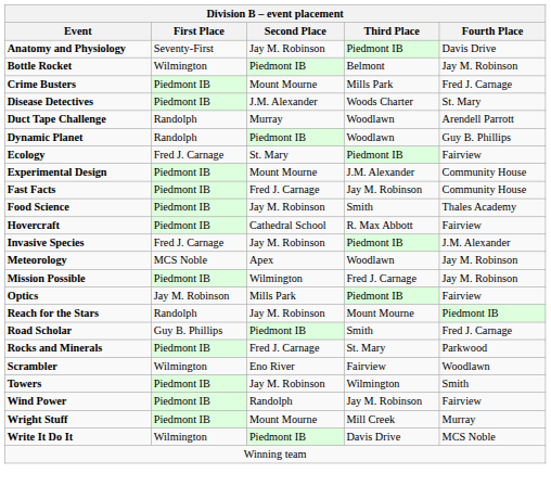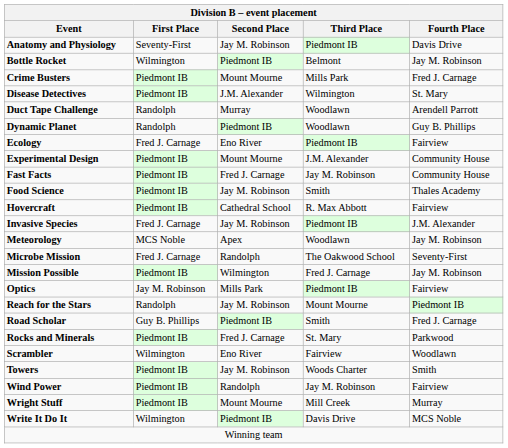 <table class="wikitable collapsible collapsed" style="float:left; width:780px">
 <tr>
 <th colspan=5>Division B – event placement</th>
 </tr>
 <tr>
 <th>Event</th>
 <th>First Place</th>
 <th>Second Place</th>
 <th>Third Place</th>
 <th>Fourth Place</th>
 </tr>
 <tr>
 <td><strong>Anatomy and Physiology</strong></td>
 <td>Seventy-First</td>
 <td>Jay M. Robinson</td>
 <td style="background:#ddffdd">Piedmont IB</td>
 <td>Davis Drive</td>
 </tr>
 <tr>
 <td><strong>Bottle Rocket</strong></td>
 <td>Wilmington</td>
 <td style="background:#ddffdd">Piedmont IB</td>
 <td>Belmont</td>
 <td>Jay M. Robinson</td>
 </tr>
 <tr>
 <td><strong>Crime Busters</strong></td>
 <td style="background:#ddffdd">Piedmont IB</td>
 <td>Mount Mourne</td>
 <td>Mills Park</td>
 <td>Fred J. Carnage</td>
 </tr>
 <tr>
 <td><strong>Disease Detectives</strong></td>
 <td style="background:#ddffdd">Piedmont IB</td>
 <td>J.M. Alexander</td>
-<td>Woods Charter</td>
+<td>Wilmington</td>
 <td>St. Mary</td>
 </tr>
 <tr>
 <td><strong>Duct Tape Challenge</strong></td>
 <td>Randolph</td>
 <td>Murray</td>
 <td>Woodlawn</td>
 <td>Arendell Parrott</td>
 </tr>
 <tr>
 <td><strong>Dynamic Planet</strong></td>
 <td>Randolph</td>
 <td style="background:#ddffdd">Piedmont IB</td>
 <td>Woodlawn</td>
 <td>Guy B. Phillips</td>
 </tr>
 <tr>
 <td><strong>Ecology</strong></td>
 <td>Fred J. Carnage</td>
-<td>St. Mary</td>
+<td>Eno River</td>
 <td style="background:#ddffdd">Piedmont IB</td>
 <td>Fairview</td>
 </tr>
 <tr>
 <td><strong>Experimental Design</strong></td>
 <td style="background:#ddffdd">Piedmont IB</td>
 <td>Mount Mourne</td>
 <td>J.M. Alexander</td>
 <td>Community House</td>
 </tr>
 <tr>
 <td><strong>Fast Facts</strong></td>
 <td style="background:#ddffdd">Piedmont IB</td>
 <td>Fred J. Carnage</td>
 <td>Jay M. Robinson</td>
 <td>Community House</td>
 </tr>
 <tr>
 <td><strong>Food Science</strong></td>
 <td style="background:#ddffdd">Piedmont IB</td>
 <td>Jay M. Robinson</td>
 <td>Smith</td>
 <td>Thales Academy</td>
 </tr>
 <tr>
 <td><strong>Hovercraft</strong></td>
 <td style="background:#ddffdd">Piedmont IB</td>
 <td>Cathedral School</td>
 <td>R. Max Abbott</td>
 <td>Fairview</td>
 </tr>
 <tr>
 <td><strong>Invasive Species</strong></td>
 <td>Fred J. Carnage</td>
 <td>Jay M. Robinson</td>
 <td style="background:#ddffdd">Piedmont IB</td>
 <td>J.M. Alexander</td>
 </tr>
 <tr>
 <td><strong>Meteorology</strong></td>
 <td>MCS Noble</td>
 <td>Apex</td>
 <td>Woodlawn</td>
 <td>Jay M. Robinson</td>
+</tr>
+<tr>
+<td><strong>Microbe Mission</strong></td>
+<td>Fred J. Carnage</td>
+<td>Randolph</td>
+<td>The Oakwood School</td>
+<td>Seventy-First</td>
 </tr>
 <tr>
 <td><strong>Mission Possible</strong></td>
 <td style="background:#ddffdd">Piedmont IB</td>
 <td>Wilmington</td>
 <td>Fred J. Carnage</td>
 <td>Jay M. Robinson</td>
 </tr>
 <tr>
 <td><strong>Optics</strong></td>
 <td>Jay M. Robinson</td>
 <td>Mills Park</td>
 <td style="background:#ddffdd">Piedmont IB</td>
 <td>Fairview</td>
 </tr>
 <tr>
 <td><strong>Reach for the Stars</strong></td>
 <td>Randolph</td>
 <td>Jay M. Robinson</td>
 <td>Mount Mourne</td>
 <td style="background:#ddffdd">Piedmont IB</td>
 </tr>
 <tr>
 <td><strong>Road Scholar</strong></td>
 <td>Guy B. Phillips</td>
 <td style="background:#ddffdd">Piedmont IB</td>
 <td>Smith</td>
 <td>Fred J. Carnage</td>
 </tr>
 <tr>
 <td><strong>Rocks and Minerals</strong></td>
 <td style="background:#ddffdd">Piedmont IB</td>
 <td>Fred J. Carnage</td>
 <td>St. Mary</td>
 <td>Parkwood</td>
 </tr>
 <tr>
 <td><strong>Scrambler</strong></td>
 <td>Wilmington</td>
 <td>Eno River</td>
 <td>Fairview</td>
 <td>Woodlawn</td>
 </tr>
 <tr>
 <td><strong>Towers</strong></td>
 <td style="background:#ddffdd">Piedmont IB</td>
 <td>Jay M. Robinson</td>
-<td>Wilmington</td>
+<td>Woods Charter</td>
 <td>Smith</td>
 </tr>
 <tr>
 <td><strong>Wind Power</strong></td>
 <td style="background:#ddffdd">Piedmont IB</td>
 <td>Randolph</td>
 <td>Jay M. Robinson</td>
 <td>Fairview</td>
 </tr>
 <tr>
 <td><strong>Wright Stuff</strong></td>
 <td style="background:#ddffdd">Piedmont IB</td>
 <td>Mount Mourne</td>
 <td>Mill Creek</td>
 <td>Murray</td>
 </tr>
 <tr>
 <td><strong>Write It Do It</strong></td>
 <td>Wilmington</td>
 <td style="background:#ddffdd">Piedmont IB</td>
 <td>Davis Drive</td>
 <td>MCS Noble</td>
 </tr>
 <tr>
 <td colspan=5 style=text-align:center> Winning team</td>
 </tr>
 </table>
